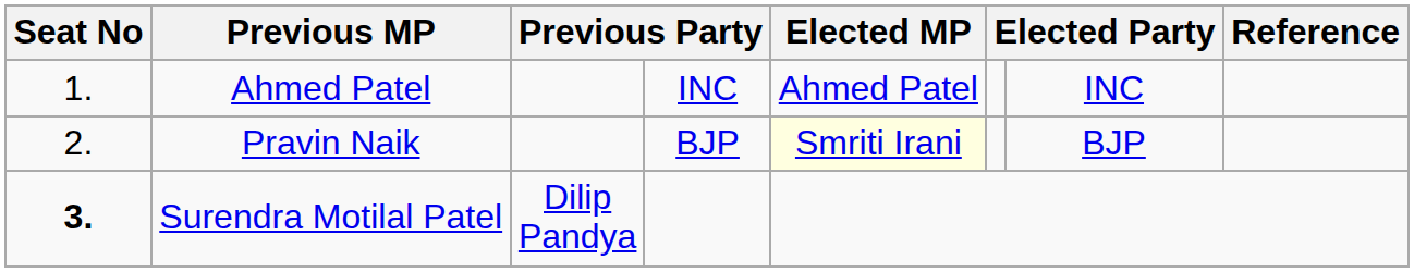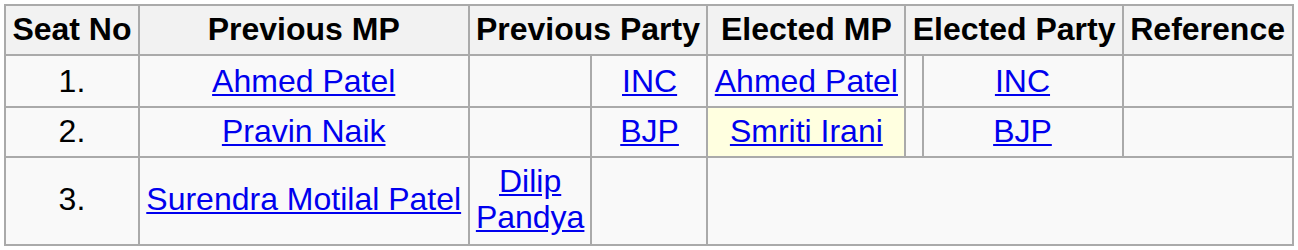 <table class="wikitable">
 <tr>
 <th>Seat No</th>
 <th>Previous MP</th>
 <th colspan=2>Previous Party</th>
 <th>Elected MP</th>
 <th colspan=2>Elected Party</th>
 <th>Reference</th>
 </tr>
 <tr style="text-align:center;">
 <td>1.</td>
 <td><a href='#'>Ahmed Patel</a></td>
 <td width="1px"></td>
 <td><a href='#'>INC</a></td>
 <td><a href='#'>Ahmed Patel</a></td>
 <td width="1px"></td>
 <td><a href='#'>INC</a></td>
 <td></td>
 </tr>
 <tr>
 </tr>
 <tr style="text-align:center;">
 <td>2.</td>
 <td><a href='#'>Pravin Naik</a></td>
 <td width="1px"></td>
 <td rowspan=2><a href='#'>BJP</a></td>
 <td style="background: lightyellow;"><a href='#'>Smriti Irani</a></td>
 <td width="1px"></td>
 <td rowspan=2><a href='#'>BJP</a></td>
 <td></td>
 </tr>
 <tr>
 </tr>
 <tr style="text-align:center;">
-<td><strong>3.</strong></td>
+<td>3.</td>
 <td><a href='#'>Surendra Motilal Patel</a></td>
 <td><a href='#'>Dilip Pandya</a></td>
 <td></td>
 </tr>
 </table>
